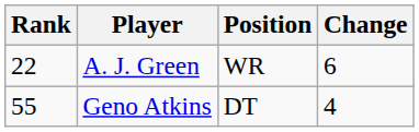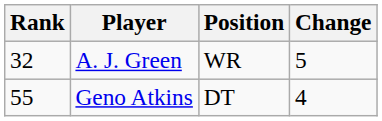 <table class="wikitable">
 <tr>
 <th>Rank</th>
 <th>Player</th>
 <th>Position</th>
 <th>Change</th>
 </tr>
 <tr>
-<td>22</td>
+<td>32</td>
 <td><a href='#'>A. J. Green</a></td>
 <td>WR</td>
-<td> 6</td>
+<td> 5</td>
 </tr>
 <tr>
 <td>55</td>
 <td><a href='#'>Geno Atkins</a></td>
 <td>DT</td>
 <td> 4</td>
 </tr>
 </table>
